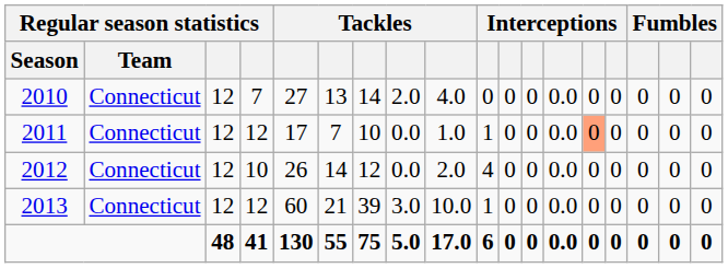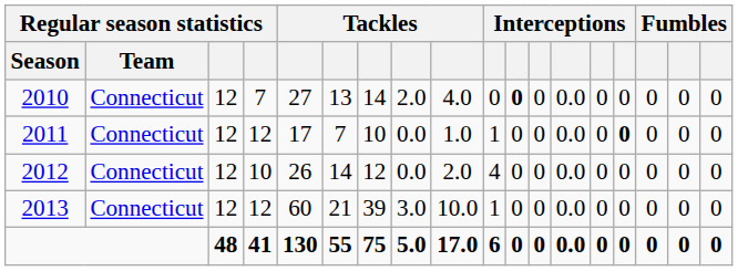 <table class="wikitable" style="text-align:center;">
 <tr>
 <th colspan="4">Regular season statistics</th>
 <th colspan="5">Tackles</th>
 <th colspan="6">Interceptions</th>
 <th colspan="3">Fumbles</th>
 </tr>
 <tr>
 <th>Season</th>
 <th>Team</th>
 <th></th>
 <th></th>
 <th></th>
 <th></th>
 <th></th>
 <th></th>
 <th></th>
 <th></th>
 <th></th>
 <th></th>
 <th></th>
 <th></th>
 <th></th>
 <th></th>
 <th></th>
 <th></th>
 </tr>
 <tr>
 <td><a href='#'>2010</a></td>
 <td><a href='#'>Connecticut</a></td>
 <td>12</td>
 <td>7</td>
 <td>27</td>
 <td>13</td>
 <td>14</td>
 <td>2.0</td>
 <td>4.0</td>
 <td>0</td>
-<td>0</td>
+<td><strong>0</strong></td>
 <td>0</td>
 <td>0.0</td>
 <td>0</td>
 <td>0</td>
 <td>0</td>
 <td>0</td>
 <td>0</td>
 </tr>
 <tr>
 <td><a href='#'>2011</a></td>
 <td><a href='#'>Connecticut</a></td>
 <td>12</td>
 <td>12</td>
 <td>17</td>
 <td>7</td>
 <td>10</td>
 <td>0.0</td>
 <td>1.0</td>
 <td>1</td>
 <td>0</td>
 <td>0</td>
 <td>0.0</td>
-<td style="background: lightsalmon;">0</td>
 <td>0</td>
+<td><strong>0</strong></td>
 <td>0</td>
 <td>0</td>
 <td>0</td>
 </tr>
 <tr>
 <td><a href='#'>2012</a></td>
 <td><a href='#'>Connecticut</a></td>
 <td>12</td>
 <td>10</td>
 <td>26</td>
 <td>14</td>
 <td>12</td>
 <td>0.0</td>
 <td>2.0</td>
 <td>4</td>
 <td>0</td>
 <td>0</td>
 <td>0.0</td>
 <td>0</td>
 <td>0</td>
 <td>0</td>
 <td>0</td>
 <td>0</td>
 </tr>
 <tr>
 <td><a href='#'>2013</a></td>
 <td><a href='#'>Connecticut</a></td>
 <td>12</td>
 <td>12</td>
 <td>60</td>
 <td>21</td>
 <td>39</td>
 <td>3.0</td>
 <td>10.0</td>
 <td>1</td>
 <td>0</td>
 <td>0</td>
 <td>0.0</td>
 <td>0</td>
 <td>0</td>
 <td>0</td>
 <td>0</td>
 <td>0</td>
 </tr>
 <tr>
 <td colspan=2></td>
 <td><strong>48</strong></td>
 <td><strong>41</strong></td>
 <td><strong>130</strong></td>
 <td><strong>55</strong></td>
 <td><strong>75</strong></td>
 <td><strong>5.0</strong></td>
 <td><strong>17.0</strong></td>
 <td><strong>6</strong></td>
 <td><strong>0</strong></td>
 <td><strong>0</strong></td>
 <td><strong>0.0</strong></td>
 <td><strong>0</strong></td>
 <td><strong>0</strong></td>
 <td><strong>0</strong></td>
 <td><strong>0</strong></td>
 <td><strong>0</strong></td>
 </tr>
 </table>
